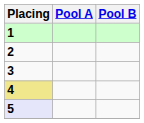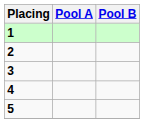 <table class=wikitable style="border:1px solid #AAAAAA;">
 <tr>
 <th>Placing</th>
 <th><a href='#'>Pool A</a></th>
 <th><a href='#'>Pool B</a></th>
 </tr>
 <tr style="background: #ccffcc;">
 <td><strong>1</strong></td>
 <td></td>
 <td></td>
 </tr>
 <tr>
 <td><strong>2</strong></td>
 <td></td>
 <td></td>
 </tr>
 <tr>
 <td><strong>3</strong></td>
 <td></td>
 <td></td>
 </tr>
 <tr>
-<td style="background: khaki;"><strong>4</strong></td>
+<td><strong>4</strong></td>
 <td></td>
 <td></td>
 </tr>
 <tr>
-<td style="background: lavender;"><strong>5</strong></td>
+<td><strong>5</strong></td>
 <td></td>
 <td></td>
 </tr>
 <tr>
 </tr>
 </table>
